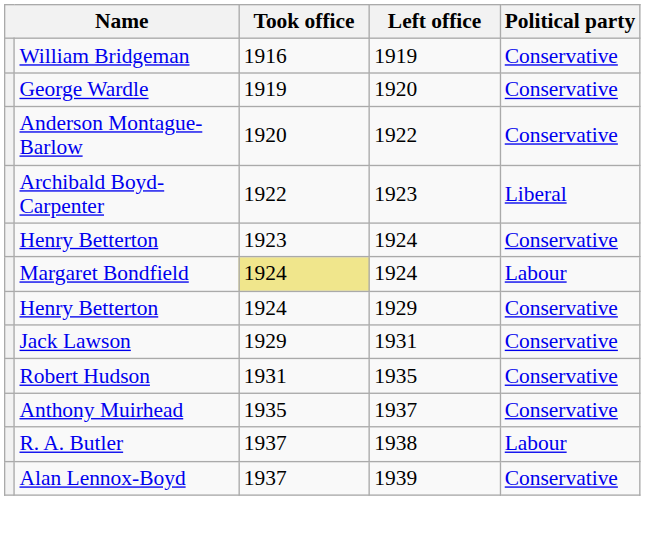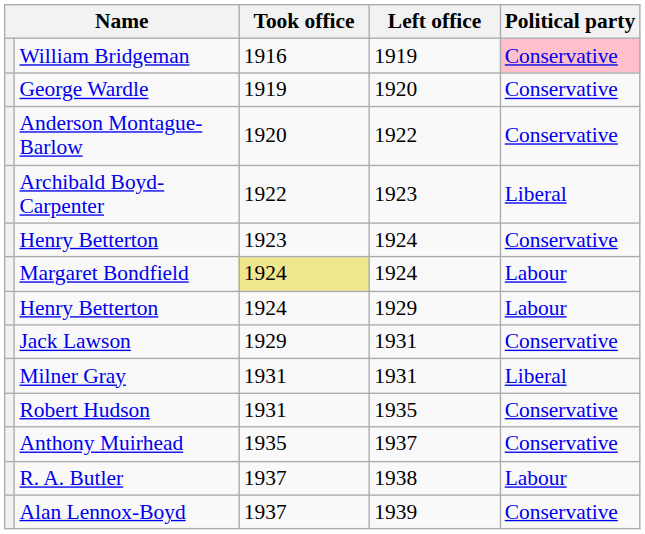 <table class="wikitable">
 <tr>
 <th colspan=2>Name</th>
 <th width=90>Took office</th>
 <th width=90>Left office</th>
 <th>Political party</th>
 </tr>
 <tr>
 <th style="background-color: "></th>
 <td width=160><a href='#'>William Bridgeman</a></td>
 <td>1916</td>
 <td>1919</td>
-<td><a href='#'>Conservative</a></td>
+<td style="background: pink;"><a href='#'>Conservative</a></td>
 </tr>
 <tr>
 <th style="background-color: "></th>
 <td width=160><a href='#'>George Wardle</a></td>
 <td>1919</td>
 <td>1920</td>
 <td><a href='#'>Conservative</a></td>
 </tr>
 <tr>
 <th style="background-color: "></th>
 <td width=160><a href='#'>Anderson Montague-Barlow</a></td>
 <td>1920</td>
 <td>1922</td>
 <td><a href='#'>Conservative</a></td>
 </tr>
 <tr>
 <th style="background-color: "></th>
 <td width=160><a href='#'>Archibald Boyd-Carpenter</a></td>
 <td>1922</td>
 <td>1923</td>
 <td><a href='#'>Liberal</a></td>
 </tr>
 <tr>
 <th style="background-color: "></th>
 <td width=160><a href='#'>Henry Betterton</a></td>
 <td>1923</td>
 <td>1924</td>
 <td><a href='#'>Conservative</a></td>
 </tr>
 <tr>
 <th style="background-color: "></th>
 <td width=160><a href='#'>Margaret Bondfield</a></td>
 <td style="background: khaki;">1924</td>
 <td>1924</td>
 <td><a href='#'>Labour</a></td>
 </tr>
 <tr>
 <th style="background-color: "></th>
 <td width=160><a href='#'>Henry Betterton</a></td>
 <td>1924</td>
 <td>1929</td>
-<td><a href='#'>Conservative</a></td>
+<td><a href='#'>Labour</a></td>
 </tr>
 <tr>
 <th style="background-color: "></th>
 <td width=160><a href='#'>Jack Lawson</a></td>
 <td>1929</td>
 <td>1931</td>
 <td><a href='#'>Conservative</a></td>
+</tr>
+<tr>
+<th style="background-color: "></th>
+<td width=160><a href='#'>Milner Gray</a></td>
+<td>1931</td>
+<td>1931</td>
+<td><a href='#'>Liberal</a></td>
 </tr>
 <tr>
 <th style="background-color: "></th>
 <td width=160><a href='#'>Robert Hudson</a></td>
 <td>1931</td>
 <td>1935</td>
 <td><a href='#'>Conservative</a></td>
 </tr>
 <tr>
 <th style="background-color: "></th>
 <td width=160><a href='#'>Anthony Muirhead</a></td>
 <td>1935</td>
 <td>1937</td>
 <td><a href='#'>Conservative</a></td>
 </tr>
 <tr>
 <th style="background-color: "></th>
 <td width=160><a href='#'>R. A. Butler</a></td>
 <td>1937</td>
 <td>1938</td>
 <td><a href='#'>Labour</a></td>
 </tr>
 <tr>
 <th style="background-color: "></th>
 <td width=160><a href='#'>Alan Lennox-Boyd</a></td>
 <td>1937</td>
 <td>1939</td>
 <td><a href='#'>Conservative</a></td>
 </tr>
 </table>
